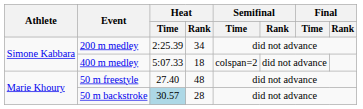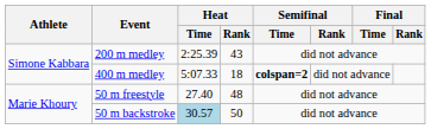 <table class="wikitable" style="text-align:center; font-size:90%">
 <tr>
 <th rowspan="2">Athlete</th>
 <th rowspan="2">Event</th>
 <th colspan="2">Heat</th>
 <th colspan="2">Semifinal</th>
 <th colspan="2">Final</th>
 </tr>
 <tr style="font-size:95%">
 <th>Time</th>
 <th>Rank</th>
 <th>Time</th>
 <th>Rank</th>
 <th>Time</th>
 <th>Rank</th>
 </tr>
 <tr>
 <td align=left rowspan=2><a href='#'>Simone Kabbara</a></td>
 <td align=left><a href='#'>200 m medley</a></td>
 <td>2:25.39</td>
-<td>34</td>
+<td>43</td>
 <td colspan=4>did not advance</td>
 </tr>
 <tr>
 <td align=left><a href='#'>400 m medley</a></td>
 <td>5:07.33</td>
 <td>18</td>
-<td>colspan=2 </td>
+<td><strong>colspan=2 </strong></td>
 <td colspan=2>did not advance</td>
 </tr>
 <tr>
 <td align=left rowspan=2><a href='#'>Marie Khoury</a></td>
 <td align=left><a href='#'>50 m freestyle</a></td>
 <td>27.40</td>
 <td>48</td>
 <td colspan=4>did not advance</td>
 </tr>
 <tr>
 <td align=left><a href='#'>50 m backstroke</a></td>
 <td style="background: lightblue;">30.57</td>
-<td>28</td>
+<td>50</td>
 <td colspan=4>did not advance</td>
 </tr>
 </table>
